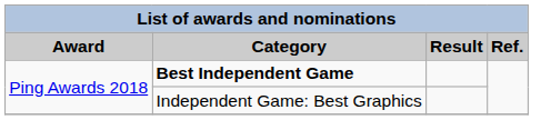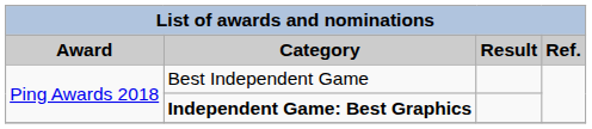 <table class="wikitable" style="font-size:90%;">
 <tr>
 <th colspan="9" style="background:#B0C4DE;">List of awards and nominations</th>
 </tr>
 <tr>
 <th style="background:#ccc;">Award</th>
 <th style="background:#ccc;">Category</th>
 <th style="background:#ccc;">Result</th>
 <th style="background:#ccc;">Ref.</th>
 </tr>
 <tr>
 <td rowspan="2"><a href='#'>Ping Awards 2018</a></td>
-<td><strong>Best Independent Game</strong></td>
+<td>Best Independent Game</td>
 <td></td>
 <td rowspan="2"></td>
 </tr>
 <tr>
-<td>Independent Game: Best Graphics</td>
+<td><strong>Independent Game: Best Graphics</strong></td>
 <td></td>
 </tr>
 <tr>
 </tr>
 </table>
